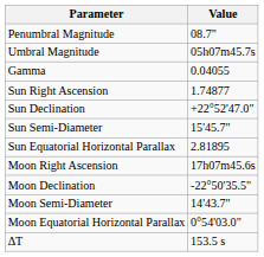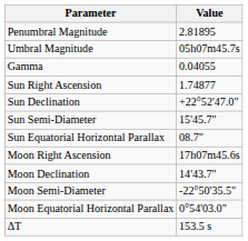 <table class="wikitable">
 <tr>
 <th>Parameter</th>
 <th>Value</th>
 </tr>
 <tr>
 <td>Penumbral Magnitude</td>
-<td>08.7"</td>
+<td>2.81895</td>
 </tr>
 <tr>
 <td>Umbral Magnitude</td>
 <td>05h07m45.7s</td>
 </tr>
 <tr>
 <td>Gamma</td>
 <td>0.04055</td>
 </tr>
 <tr>
 <td>Sun Right Ascension</td>
 <td>1.74877</td>
 </tr>
 <tr>
 <td>Sun Declination</td>
 <td>+22°52'47.0"</td>
 </tr>
 <tr>
 <td>Sun Semi-Diameter</td>
 <td>15'45.7"</td>
 </tr>
 <tr>
 <td>Sun Equatorial Horizontal Parallax</td>
-<td>2.81895</td>
+<td>08.7"</td>
 </tr>
 <tr>
 <td>Moon Right Ascension</td>
 <td>17h07m45.6s</td>
 </tr>
 <tr>
 <td>Moon Declination</td>
-<td>-22°50'35.5"</td>
+<td>14'43.7"</td>
 </tr>
 <tr>
 <td>Moon Semi-Diameter</td>
-<td>14'43.7"</td>
+<td>-22°50'35.5"</td>
 </tr>
 <tr>
 <td>Moon Equatorial Horizontal Parallax</td>
 <td>0°54'03.0"</td>
 </tr>
 <tr>
 <td>ΔT</td>
 <td>153.5 s</td>
 </tr>
 </table>
